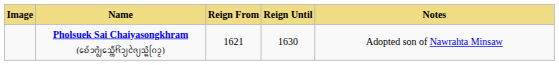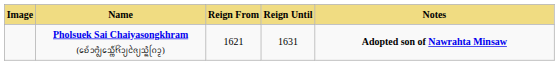 <table class="wikitable" style="text-align:center; font-size:90%; line-height:22px;">
 <tr colspan=10 style="background:#F0DC82; text-align:center">
 <td width="20"><span><strong>Image</strong></span></td>
 <td width="240"><span><strong>Name</strong></span></td>
 <td><span><strong>Reign From</strong></span></td>
 <td><span><strong>Reign Until</strong></span></td>
 <td width="340"><span><strong>Notes</strong></span></td>
 </tr>
 <tr>
 <td></td>
 <td><a href='#'><strong>Pholsuek Sai Chaiyasongkhram</strong></a><br><small>(ᨧᩮᩢ᩶ᩣᨻᩫ᩠ᩃᩈᩮᩥᩢ᩠ᨠᨪ᩶ᩣ᩠ᨿᨩᩱ᩠ᨿᩈᩫ᩠ᨦᨣᩕᩣ᩠ᨾ)</small></td>
 <td>1621</td>
-<td>1630</td>
-<td>Adopted son of <a href='#'>Nawrahta Minsaw</a></td>
+<td>1631</td>
+<td><strong>Adopted son of <a href='#'>Nawrahta Minsaw</a></strong></td>
 </tr>
 </table>
